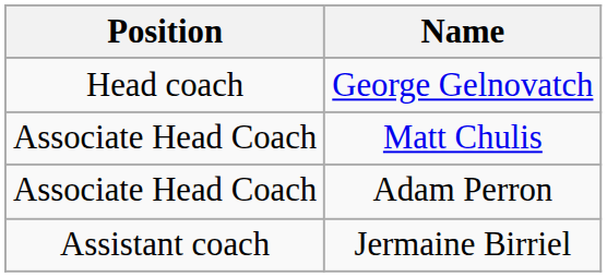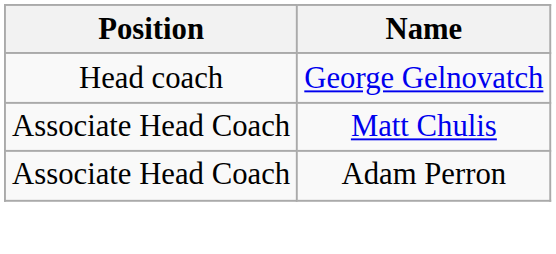 <table class="wikitable" style="text-align: center;">
 <tr>
 <th>Position</th>
 <th>Name</th>
 </tr>
 <tr>
 <td>Head coach</td>
 <td><a href='#'>George Gelnovatch</a></td>
 </tr>
 <tr>
 <td>Associate Head Coach</td>
 <td><a href='#'>Matt Chulis</a></td>
 </tr>
 <tr>
 <td>Associate Head Coach</td>
 <td>Adam Perron</td>
 </tr>
-<tr>
-<td>Assistant coach</td>
-<td>Jermaine Birriel</td>
-</tr>
 </table>
